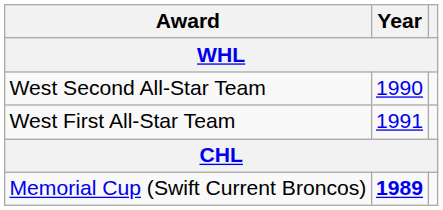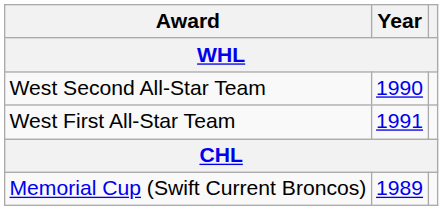 <table class="wikitable">
 <tr>
 <th>Award</th>
 <th>Year</th>
 <th></th>
 </tr>
 <tr ALIGN="center" bgcolor="#e0e0e0">
 <th colspan="3"><a href='#'>WHL</a></th>
 </tr>
 <tr>
 <td>West Second All-Star Team</td>
 <td><a href='#'>1990</a></td>
 <td></td>
 </tr>
 <tr>
 <td>West First All-Star Team</td>
 <td><a href='#'>1991</a></td>
 <td></td>
 </tr>
 <tr ALIGN="center" bgcolor="#e0e0e0">
 <th colspan="3"><a href='#'>CHL</a></th>
 </tr>
 <tr>
 <td><a href='#'>Memorial Cup</a> (Swift Current Broncos)</td>
-<td><strong><a href='#'>1989</a></strong></td>
+<td><a href='#'>1989</a></td>
 <td></td>
 </tr>
 </table>
